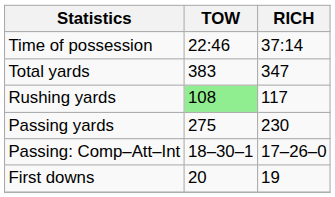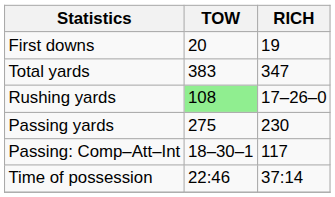 <table class="wikitable" style="float: left;">
 <tr>
 <th>Statistics</th>
 <th>TOW</th>
 <th>RICH</th>
 </tr>
 <tr>
-<td>Time of possession</td>
-<td>22:46</td>
-<td>37:14</td>
+<td>First downs</td>
+<td>20</td>
+<td>19</td>
 </tr>
 <tr>
 <td>Total yards</td>
 <td>383</td>
 <td>347</td>
 </tr>
 <tr>
 <td>Rushing yards</td>
 <td style="background: lightgreen;">108</td>
-<td>117</td>
+<td>17–26–0</td>
 </tr>
 <tr>
 <td>Passing yards</td>
 <td>275</td>
 <td>230</td>
 </tr>
 <tr>
 <td>Passing: Comp–Att–Int</td>
 <td>18–30–1</td>
-<td>17–26–0</td>
+<td>117</td>
 </tr>
 <tr>
-<td>First downs</td>
-<td>20</td>
-<td>19</td>
+<td>Time of possession</td>
+<td>22:46</td>
+<td>37:14</td>
 </tr>
 <tr>
 </tr>
 </table>
